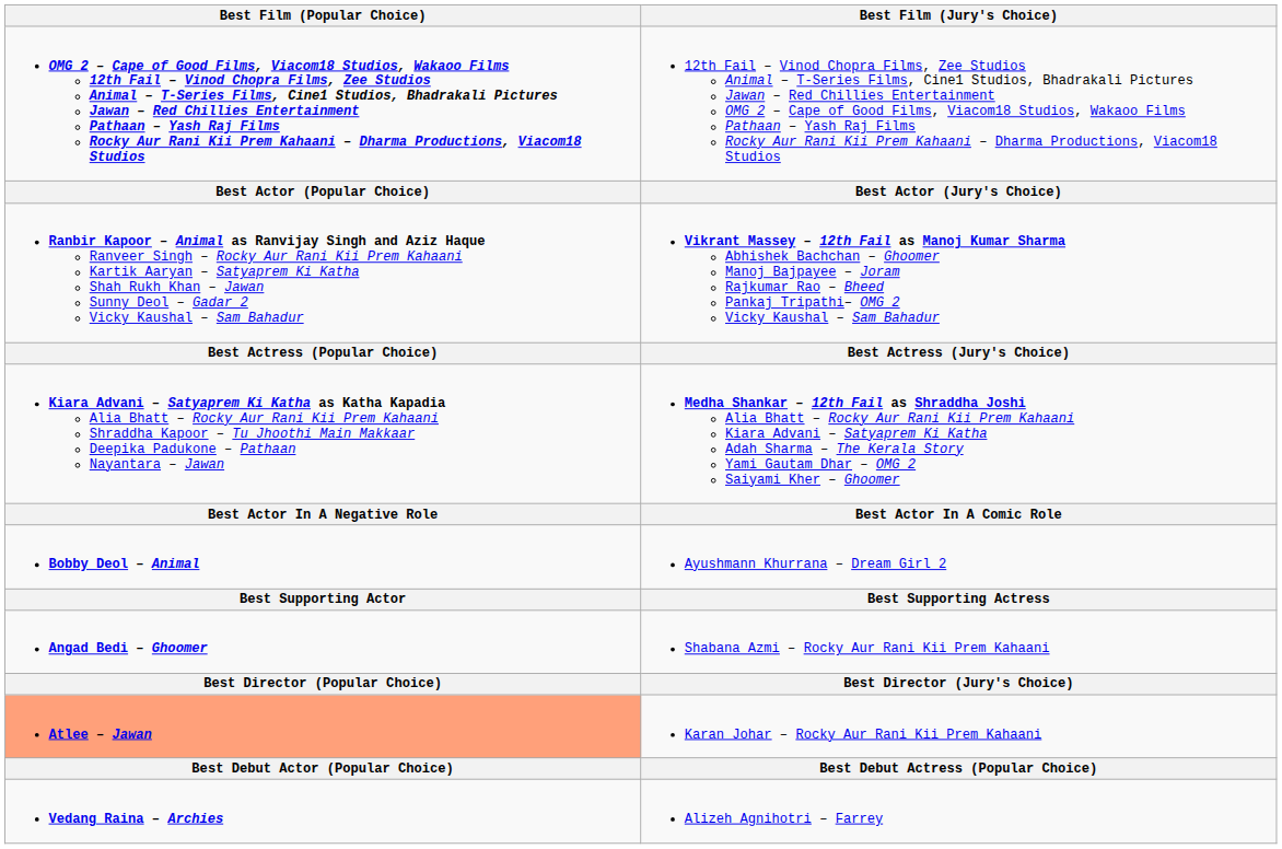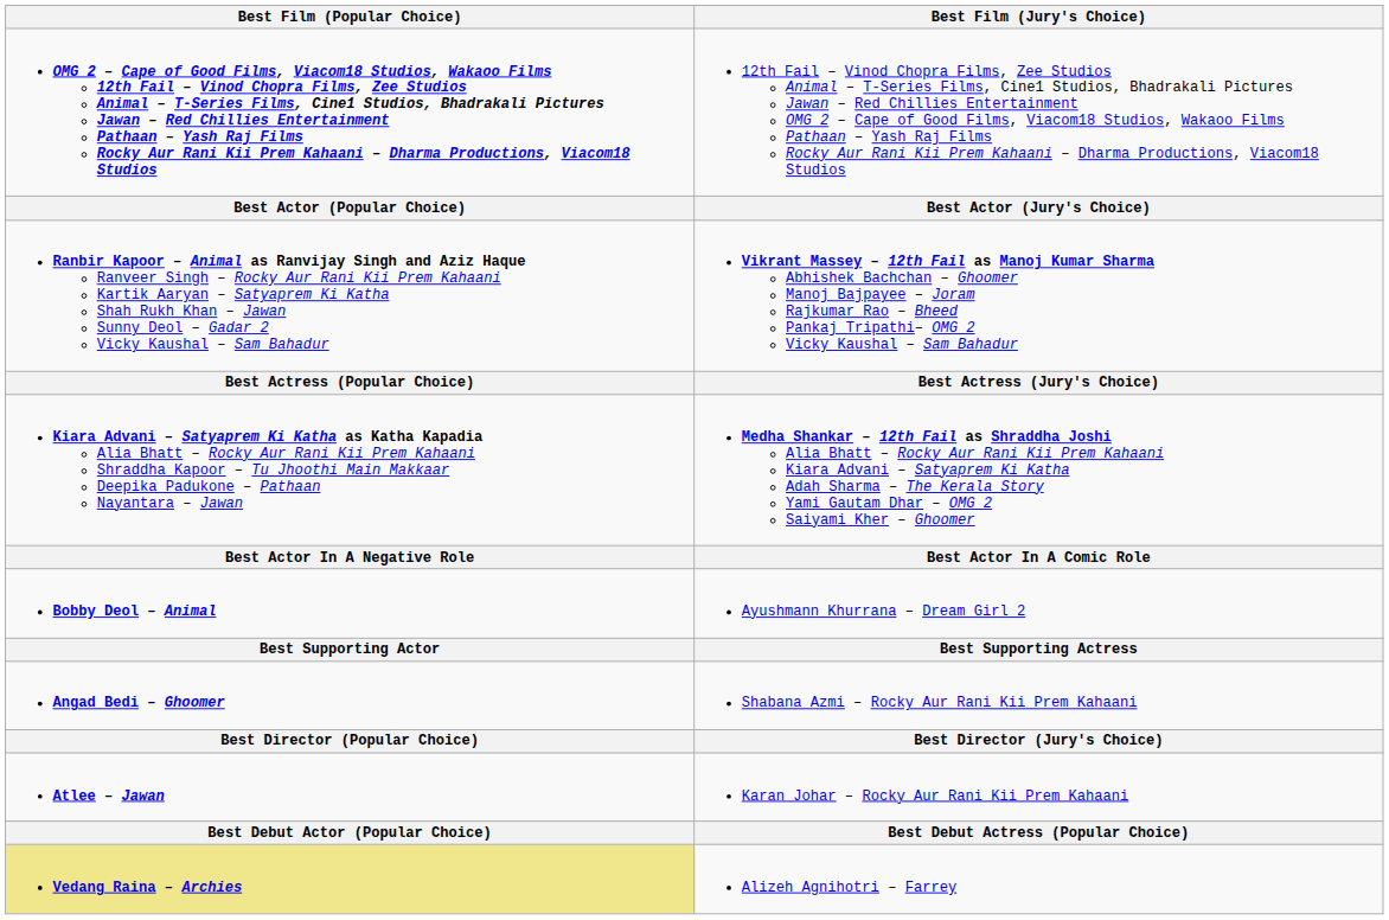 <table class=wikitable style="width=100%">
 <tr>
 <th style="width=90%">Best Film (Popular Choice)</th>
 <th style="width=10%">Best Film (Jury's Choice)</th>
 </tr>
 <tr>
 <td valign="top"><br><ul><li><strong><em><a href='#'>OMG 2</a> – <a href='#'>Cape of Good Films</a><em>, <a href='#'>Viacom18 Studios</a>, <a href='#'>Wakaoo Films</a><strong><ul><li></em><a href='#'>12th Fail</a><em> – <a href='#'>Vinod Chopra Films</a>, <a href='#'>Zee Studios</a></li><li></em><a href='#'>Animal</a><em> – <a href='#'>T-Series Films</a>, Cine1 Studios, Bhadrakali Pictures</li><li></em><a href='#'>Jawan</a><em> – <a href='#'>Red Chillies Entertainment</a></li><li></em><a href='#'>Pathaan</a><em> – <a href='#'>Yash Raj Films</a></li><li></em><a href='#'>Rocky Aur Rani Kii Prem Kahaani</a><em> – <a href='#'>Dharma Productions</a>, <a href='#'>Viacom18 Studios</a></li></ul></li></ul></td>
 <td colspan=3; valign=top><br><ul><li></em></strong><a href='#'>12th Fail</a></em> – <a href='#'>Vinod Chopra Films</a>, <a href='#'>Zee Studios</a></strong><ul><li><em><a href='#'>Animal</a></em> – <a href='#'>T-Series Films</a>, Cine1 Studios, Bhadrakali Pictures</li><li><em><a href='#'>Jawan</a></em> – <a href='#'>Red Chillies Entertainment</a></li><li><em><a href='#'>OMG 2</a></em> – <a href='#'>Cape of Good Films</a>, <a href='#'>Viacom18 Studios</a>, <a href='#'>Wakaoo Films</a></li><li><em><a href='#'>Pathaan</a></em> – <a href='#'>Yash Raj Films</a></li><li><em><a href='#'>Rocky Aur Rani Kii Prem Kahaani</a></em> – <a href='#'>Dharma Productions</a>, <a href='#'>Viacom18 Studios</a></li></ul></li></ul></td>
 </tr>
 <tr>
 <th style="width=90%">Best Actor (Popular Choice)</th>
 <th style="width=10%">Best Actor (Jury's Choice)</th>
 </tr>
 <tr>
 <td valign="top"><br><ul><li><strong><a href='#'>Ranbir Kapoor</a> – <em><a href='#'>Animal</a></em> as Ranvijay Singh and Aziz Haque</strong><ul><li><a href='#'>Ranveer Singh</a> – <em><a href='#'>Rocky Aur Rani Kii Prem Kahaani</a></em></li><li><a href='#'>Kartik Aaryan</a> – <em><a href='#'>Satyaprem Ki Katha</a></em></li><li><a href='#'>Shah Rukh Khan</a> – <em><a href='#'>Jawan</a></em></li><li><a href='#'>Sunny Deol</a> – <em><a href='#'>Gadar 2</a></em></li><li><a href='#'>Vicky Kaushal</a> – <em><a href='#'>Sam Bahadur</a></em></li></ul></li></ul></td>
 <td colspan=3; valign=top><br><ul><li><strong><a href='#'>Vikrant Massey</a> – <em><a href='#'>12th Fail</a></em> as <a href='#'>Manoj Kumar Sharma</a></strong><ul><li><a href='#'>Abhishek Bachchan</a> – <em><a href='#'>Ghoomer</a></em></li><li><a href='#'>Manoj Bajpayee</a> – <em><a href='#'>Joram</a></em></li><li><a href='#'>Rajkumar Rao</a> – <em><a href='#'>Bheed</a></em></li><li><a href='#'>Pankaj Tripathi</a>– <em><a href='#'>OMG 2</a></em></li><li><a href='#'>Vicky Kaushal</a> – <em><a href='#'>Sam Bahadur</a></em></li></ul></li></ul></td>
 </tr>
 <tr>
 <th style="width=90%">Best Actress (Popular Choice)</th>
 <th style="width=10%">Best Actress (Jury's Choice)</th>
 </tr>
 <tr>
 <td valign="top"><br><ul><li><strong><a href='#'>Kiara Advani</a> – <em><a href='#'>Satyaprem Ki Katha</a></em> as  Katha Kapadia</strong><ul><li><a href='#'>Alia Bhatt</a> – <em><a href='#'>Rocky Aur Rani Kii Prem Kahaani</a></em></li><li><a href='#'>Shraddha Kapoor</a> – <em><a href='#'>Tu Jhoothi Main Makkaar</a></em></li><li><a href='#'>Deepika Padukone</a> – <em><a href='#'>Pathaan</a></em></li><li><a href='#'>Nayantara</a> – <em><a href='#'>Jawan</a></em></li></ul></li></ul></td>
 <td colspan=3; valign=top><br><ul><li><strong><a href='#'>Medha Shankar</a> – <em><a href='#'>12th Fail</a></em> as <a href='#'>Shraddha Joshi</a></strong><ul><li><a href='#'>Alia Bhatt</a> – <em><a href='#'>Rocky Aur Rani Kii Prem Kahaani</a></em></li><li><a href='#'>Kiara Advani</a> – <em><a href='#'>Satyaprem Ki Katha</a></em></li><li><a href='#'>Adah Sharma</a> – <em><a href='#'>The Kerala Story</a></em></li><li><a href='#'>Yami Gautam Dhar</a> – <em><a href='#'>OMG 2</a></em></li><li><a href='#'>Saiyami Kher</a> – <em><a href='#'>Ghoomer</a></em></li></ul></li></ul></td>
 </tr>
 <tr>
 <th style="width=90%">Best Actor In A Negative Role</th>
 <th style="width=10%">Best Actor In A Comic Role</th>
 </tr>
 <tr>
 <td valign="top"><br><ul><li><strong><a href='#'>Bobby Deol</a> – <em><a href='#'>Animal</a><strong><em></li></ul></td>
 <td colspan=3; valign=top><br><ul><li></strong><a href='#'>Ayushmann Khurrana</a> – </em><a href='#'>Dream Girl 2</a></em></strong></li></ul></td>
 </tr>
 <tr>
 <th style="width=90%">Best Supporting Actor</th>
 <th style="width=10%">Best Supporting Actress</th>
 </tr>
 <tr>
 <td valign="top"><br><ul><li><strong><a href='#'>Angad Bedi</a> – <em><a href='#'>Ghoomer</a><strong><em></li></ul></td>
 <td colspan=3; valign=top><br><ul><li></strong><a href='#'>Shabana Azmi</a> – </em><a href='#'>Rocky Aur Rani Kii Prem Kahaani</a></em></strong></li></ul></td>
 </tr>
 <tr>
 <th style="width=90%">Best Director (Popular Choice)</th>
 <th style="width=10%">Best Director (Jury's Choice)</th>
 </tr>
 <tr>
-<td valign="top" style="background: lightsalmon;"><br><ul><li><strong><a href='#'>Atlee</a> – <em><a href='#'>Jawan</a><strong><em></li></ul></td>
+<td valign="top"><br><ul><li><strong><a href='#'>Atlee</a> – <em><a href='#'>Jawan</a><strong><em></li></ul></td>
 <td colspan=3; valign=top><br><ul><li></strong><a href='#'>Karan Johar</a> – </em><a href='#'>Rocky Aur Rani Kii Prem Kahaani</a></em></strong></li></ul></td>
 </tr>
 <tr>
 <th style="width=90%">Best Debut Actor (Popular Choice)</th>
 <th style="width=10%">Best Debut Actress (Popular Choice)</th>
 </tr>
 <tr>
-<td valign="top"><br><ul><li><strong><a href='#'>Vedang Raina</a> – <em><a href='#'>Archies</a><strong><em></li></ul></td>
+<td valign="top" style="background: khaki;"><br><ul><li><strong><a href='#'>Vedang Raina</a> – <em><a href='#'>Archies</a><strong><em></li></ul></td>
 <td colspan=3; valign=top><br><ul><li></strong><a href='#'>Alizeh Agnihotri</a> – </em><a href='#'>Farrey</a></em></strong></li></ul></td>
 </tr>
 </table>
